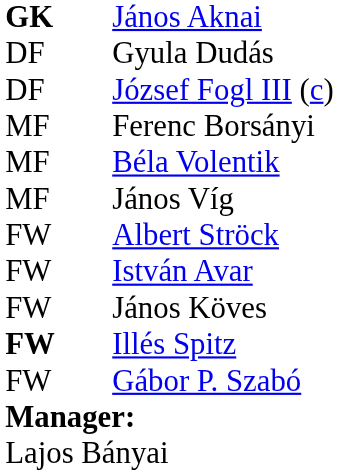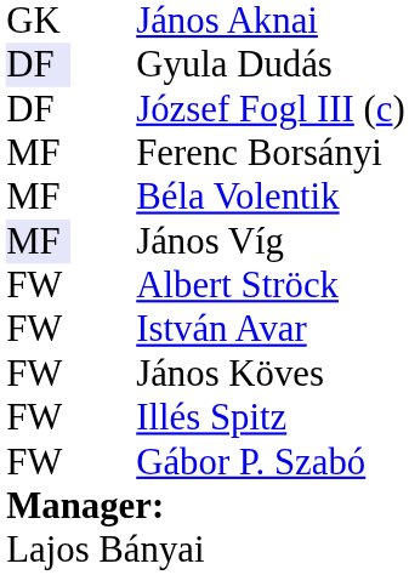 <table style="font-size:90%; margin:0.2em auto;" cellspacing="0" cellpadding="0">
 <tr>
 <th width="25"></th>
 <th width="25"></th>
 </tr>
 <tr>
-<td><strong>GK</strong></td>
+<td>GK</td>
 <td></td>
 <td> <a href='#'>János Aknai</a></td>
 </tr>
 <tr>
-<td>DF</td>
+<td style="background: lavender;">DF</td>
 <td></td>
 <td> Gyula Dudás</td>
 </tr>
 <tr>
 <td>DF</td>
 <td></td>
 <td> <a href='#'>József Fogl III</a> (<a href='#'>c</a>)</td>
 </tr>
 <tr>
 <td>MF</td>
 <td></td>
 <td> Ferenc Borsányi</td>
 </tr>
 <tr>
 <td>MF</td>
 <td></td>
 <td> <a href='#'>Béla Volentik</a></td>
 </tr>
 <tr>
-<td>MF</td>
+<td style="background: lavender;">MF</td>
 <td></td>
 <td> János Víg</td>
 </tr>
 <tr>
 <td>FW</td>
 <td></td>
 <td>  <a href='#'>Albert Ströck</a></td>
 </tr>
 <tr>
 <td>FW</td>
 <td></td>
 <td>  <a href='#'>István Avar</a></td>
 </tr>
 <tr>
 <td>FW</td>
 <td></td>
 <td> János Köves</td>
 </tr>
 <tr>
-<td><strong>FW</strong></td>
+<td>FW</td>
 <td></td>
 <td> <a href='#'>Illés Spitz</a></td>
 </tr>
 <tr>
 <td>FW</td>
 <td></td>
 <td> <a href='#'>Gábor P. Szabó</a></td>
 </tr>
 <tr>
 <td colspan=3><strong>Manager:</strong></td>
 </tr>
 <tr>
 <td colspan=4> Lajos Bányai</td>
 </tr>
 </table>
